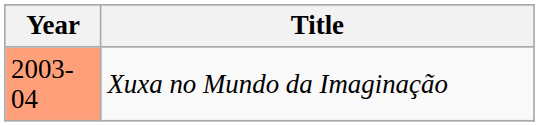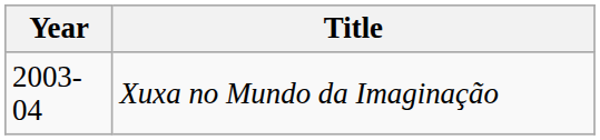 <table class = "wikitable sortable">
 <tr>
 <th width="50px">Year</th>
 <th width="250px">Title</th>
 </tr>
 <tr>
-<td style="background: lightsalmon;">2003-04</td>
+<td>2003-04</td>
 <td><em>Xuxa no Mundo da Imaginação</em></td>
 </tr>
 </table>
